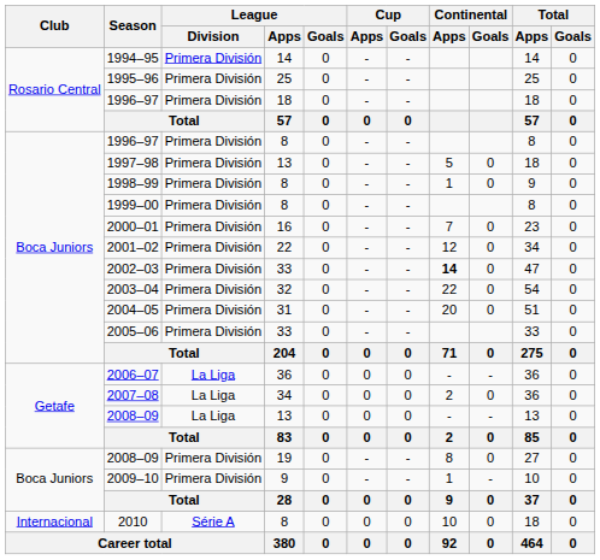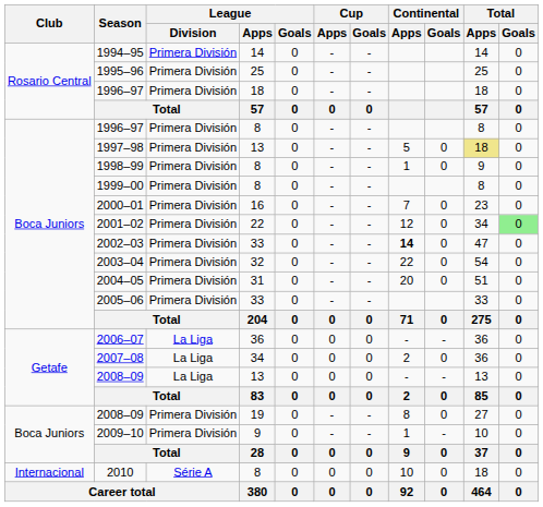 <table class="wikitable" style="text-align:center;">
 <tr>
 <th rowspan="2">Club</th>
 <th rowspan="2">Season</th>
 <th colspan="3">League</th>
 <th colspan=2>Cup</th>
 <th colspan=2>Continental</th>
 <th colspan=2>Total</th>
 </tr>
 <tr>
 <th>Division</th>
 <th>Apps</th>
 <th>Goals</th>
 <th>Apps</th>
 <th>Goals</th>
 <th>Apps</th>
 <th>Goals</th>
 <th>Apps</th>
 <th>Goals</th>
 </tr>
 <tr>
 <td rowspan="4"><a href='#'>Rosario Central</a></td>
 <td>1994–95</td>
 <td><a href='#'>Primera División</a></td>
 <td>14</td>
 <td>0</td>
 <td>-</td>
 <td>-</td>
 <td></td>
 <td></td>
 <td>14</td>
 <td>0</td>
 </tr>
 <tr>
 <td>1995–96</td>
 <td>Primera División</td>
 <td>25</td>
 <td>0</td>
 <td>-</td>
 <td>-</td>
 <td></td>
 <td></td>
 <td>25</td>
 <td>0</td>
 </tr>
 <tr>
 <td>1996–97</td>
 <td>Primera División</td>
 <td>18</td>
 <td>0</td>
 <td>-</td>
 <td>-</td>
 <td></td>
 <td></td>
 <td>18</td>
 <td>0</td>
 </tr>
 <tr>
 <th colspan="2">Total</th>
 <th>57</th>
 <th>0</th>
 <th>0</th>
 <th>0</th>
 <th></th>
 <th></th>
 <th>57</th>
 <th>0</th>
 </tr>
 <tr>
 <td rowspan="11"><a href='#'>Boca Juniors</a></td>
 <td>1996–97</td>
 <td>Primera División</td>
 <td>8</td>
 <td>0</td>
 <td>-</td>
 <td>-</td>
 <td></td>
 <td></td>
 <td>8</td>
 <td>0</td>
 </tr>
 <tr>
 <td>1997–98</td>
 <td>Primera División</td>
 <td>13</td>
 <td>0</td>
 <td>-</td>
 <td>-</td>
 <td>5</td>
 <td>0</td>
-<td>18</td>
+<td style="background: khaki;">18</td>
 <td>0</td>
 </tr>
 <tr>
 <td>1998–99</td>
 <td>Primera División</td>
 <td>8</td>
 <td>0</td>
 <td>-</td>
 <td>-</td>
 <td>1</td>
 <td>0</td>
 <td>9</td>
 <td>0</td>
 </tr>
 <tr>
 <td>1999–00</td>
 <td>Primera División</td>
 <td>8</td>
 <td>0</td>
 <td>-</td>
 <td>-</td>
 <td></td>
 <td></td>
 <td>8</td>
 <td>0</td>
 </tr>
 <tr>
 <td>2000–01</td>
 <td>Primera División</td>
 <td>16</td>
 <td>0</td>
 <td>-</td>
 <td>-</td>
 <td>7</td>
 <td>0</td>
 <td>23</td>
 <td>0</td>
 </tr>
 <tr>
 <td>2001–02</td>
 <td>Primera División</td>
 <td>22</td>
 <td>0</td>
 <td>-</td>
 <td>-</td>
 <td>12</td>
 <td>0</td>
 <td>34</td>
-<td>0</td>
+<td style="background: lightgreen;">0</td>
 </tr>
 <tr>
 <td>2002–03</td>
 <td>Primera División</td>
 <td>33</td>
 <td>0</td>
 <td>-</td>
 <td>-</td>
 <td><strong>14</strong></td>
 <td>0</td>
 <td>47</td>
 <td>0</td>
 </tr>
 <tr>
 <td>2003–04</td>
 <td>Primera División</td>
 <td>32</td>
 <td>0</td>
 <td>-</td>
 <td>-</td>
 <td>22</td>
 <td>0</td>
 <td>54</td>
 <td>0</td>
 </tr>
 <tr>
 <td>2004–05</td>
 <td>Primera División</td>
 <td>31</td>
 <td>0</td>
 <td>-</td>
 <td>-</td>
 <td>20</td>
 <td>0</td>
 <td>51</td>
 <td>0</td>
 </tr>
 <tr>
 <td>2005–06</td>
 <td>Primera División</td>
 <td>33</td>
 <td>0</td>
 <td>-</td>
 <td>-</td>
 <td></td>
 <td></td>
 <td>33</td>
 <td>0</td>
 </tr>
 <tr>
 <th colspan="2">Total</th>
 <th>204</th>
 <th>0</th>
 <th>0</th>
 <th>0</th>
 <th>71</th>
 <th>0</th>
 <th>275</th>
 <th>0</th>
 </tr>
 <tr>
 <td rowspan="4"><a href='#'>Getafe</a></td>
 <td><a href='#'>2006–07</a></td>
 <td><a href='#'>La Liga</a></td>
 <td>36</td>
 <td>0</td>
 <td>0</td>
 <td>0</td>
 <td>-</td>
 <td>-</td>
 <td>36</td>
 <td>0</td>
 </tr>
 <tr>
 <td><a href='#'>2007–08</a></td>
 <td>La Liga</td>
 <td>34</td>
 <td>0</td>
 <td>0</td>
 <td>0</td>
 <td>2</td>
 <td>0</td>
 <td>36</td>
 <td>0</td>
 </tr>
 <tr>
 <td><a href='#'>2008–09</a></td>
 <td>La Liga</td>
 <td>13</td>
 <td>0</td>
 <td>0</td>
 <td>0</td>
 <td>-</td>
 <td>-</td>
 <td>13</td>
 <td>0</td>
 </tr>
 <tr>
 <th colspan="2">Total</th>
 <th>83</th>
 <th>0</th>
 <th>0</th>
 <th>0</th>
 <th>2</th>
 <th>0</th>
 <th>85</th>
 <th>0</th>
 </tr>
 <tr>
 <td rowspan="3">Boca Juniors</td>
 <td>2008–09</td>
 <td>Primera División</td>
 <td>19</td>
 <td>0</td>
 <td>-</td>
 <td>-</td>
 <td>8</td>
 <td>0</td>
 <td>27</td>
 <td>0</td>
 </tr>
 <tr>
 <td>2009–10</td>
 <td>Primera División</td>
 <td>9</td>
 <td>0</td>
 <td>-</td>
 <td>-</td>
 <td>1</td>
 <td>-</td>
 <td>10</td>
 <td>0</td>
 </tr>
 <tr>
 <th colspan="2">Total</th>
 <th>28</th>
 <th>0</th>
 <th>0</th>
 <th>0</th>
 <th>9</th>
 <th>0</th>
 <th>37</th>
 <th>0</th>
 </tr>
 <tr>
 <td><a href='#'>Internacional</a></td>
 <td>2010</td>
 <td><a href='#'>Série A</a></td>
 <td>8</td>
 <td>0</td>
 <td>0</td>
 <td>0</td>
 <td>10</td>
 <td>0</td>
 <td>18</td>
 <td>0</td>
 </tr>
 <tr>
 <th colspan="3">Career total</th>
 <th>380</th>
 <th>0</th>
 <th>0</th>
 <th>0</th>
 <th>92</th>
 <th>0</th>
 <th>464</th>
 <th>0</th>
 </tr>
 </table>
